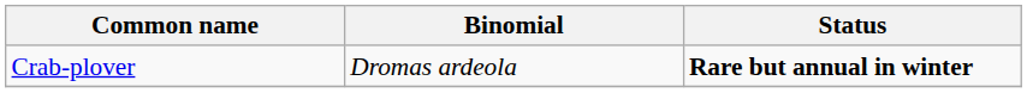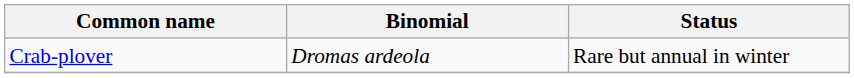 <table width=72% class="wikitable">
 <tr>
 <th width=24%>Common name</th>
 <th width=24%>Binomial</th>
 <th width=24%>Status</th>
 </tr>
 <tr>
 <td><a href='#'>Crab-plover</a></td>
 <td><em>Dromas ardeola</em></td>
-<td><strong>Rare but annual in winter</strong></td>
+<td>Rare but annual in winter</td>
 </tr>
 <tr>
 </tr>
 </table>
